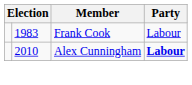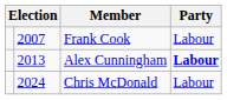 <table class="wikitable">
 <tr>
 <th colspan="2">Election</th>
 <th>Member</th>
 <th>Party</th>
 </tr>
 <tr>
 <td style="color:inherit;background-color: "></td>
-<td><a href='#'>1983</a></td>
+<td><a href='#'>2007</a></td>
 <td><a href='#'>Frank Cook</a></td>
 <td><a href='#'>Labour</a></td>
 </tr>
 <tr>
 <td style="color:inherit;background-color: "></td>
-<td><a href='#'>2010</a></td>
+<td><a href='#'>2013</a></td>
 <td><a href='#'>Alex Cunningham</a></td>
 <td><strong><a href='#'>Labour</a></strong></td>
 </tr>
+<tr>
+<td style="color:inherit;background-color: "></td>
+<td><a href='#'>2024</a></td>
+<td><a href='#'>Chris McDonald</a></td>
+<td><a href='#'>Labour</a></td>
+</tr>
 </table>
